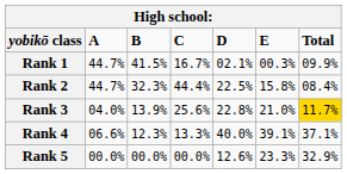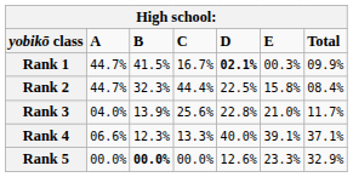 <table class="wikitable">
 <tr>
 <th colspan="7">High school:</th>
 </tr>
 <tr>
 <th><strong><em>yobikō</em></strong> class</th>
 <td><strong>A</strong></td>
 <td><strong>B</strong></td>
 <td><strong>C</strong></td>
 <td><strong>D</strong></td>
 <td><strong>E</strong></td>
 <td><strong>Total</strong></td>
 </tr>
 <tr>
 <th>Rank 1</th>
 <td><code>44.7%</code></td>
 <td><code>41.5%</code></td>
 <td><code>16.7%</code></td>
-<td><code>02.1%</code></td>
+<td><strong><code>02.1%</code></strong></td>
 <td><code>00.3%</code></td>
 <td><code>09.9%</code></td>
 </tr>
 <tr>
 <th>Rank 2</th>
 <td><code>44.7%</code></td>
 <td><code>32.3%</code></td>
 <td><code>44.4%</code></td>
 <td><code>22.5%</code></td>
 <td><code>15.8%</code></td>
 <td><code>08.4%</code></td>
 </tr>
 <tr>
 <th>Rank 3</th>
 <td><code>04.0%</code></td>
 <td><code>13.9%</code></td>
 <td><code>25.6%</code></td>
 <td><code>22.8%</code></td>
 <td><code>21.0%</code></td>
-<td style="background: gold;"><code>11.7%</code></td>
+<td><code>11.7%</code></td>
 </tr>
 <tr>
 <th>Rank 4</th>
 <td><code>06.6%</code></td>
 <td><code>12.3%</code></td>
 <td><code>13.3%</code></td>
 <td><code>40.0%</code></td>
 <td><code>39.1%</code></td>
 <td><code>37.1%</code></td>
 </tr>
 <tr>
 <th>Rank 5</th>
 <td><code>00.0%</code></td>
-<td><code>00.0%</code></td>
+<td><strong><code>00.0%</code></strong></td>
 <td><code>00.0%</code></td>
 <td><code>12.6%</code></td>
 <td><code>23.3%</code></td>
 <td><code>32.9%</code></td>
 </tr>
 </table>
